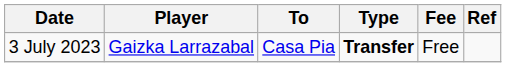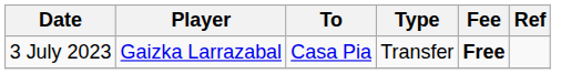 <table class="wikitable">
 <tr>
 <th>Date</th>
 <th>Player</th>
 <th>To</th>
 <th>Type</th>
 <th>Fee</th>
 <th>Ref</th>
 </tr>
 <tr>
 <td>3 July 2023</td>
 <td> <a href='#'>Gaizka Larrazabal</a></td>
 <td> <a href='#'>Casa Pia</a></td>
-<td><strong>Transfer</strong></td>
-<td>Free</td>
+<td>Transfer</td>
+<td><strong>Free</strong></td>
 <td></td>
 </tr>
 <tr>
 </tr>
 </table>
